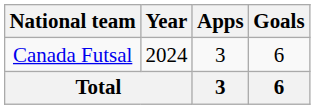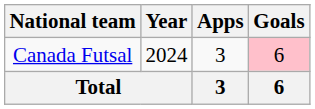 <table class="wikitable" style="text-align:center">
 <tr>
 <th>National team</th>
 <th>Year</th>
 <th>Apps</th>
 <th>Goals</th>
 </tr>
 <tr>
 <td><a href='#'>Canada Futsal</a></td>
 <td>2024</td>
 <td>3</td>
-<td>6</td>
+<td style="background: pink;">6</td>
 </tr>
 <tr>
 <th colspan="2">Total</th>
 <th>3</th>
 <th>6</th>
 </tr>
 </table>
